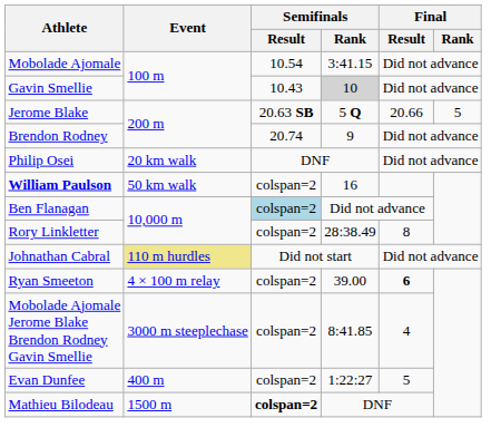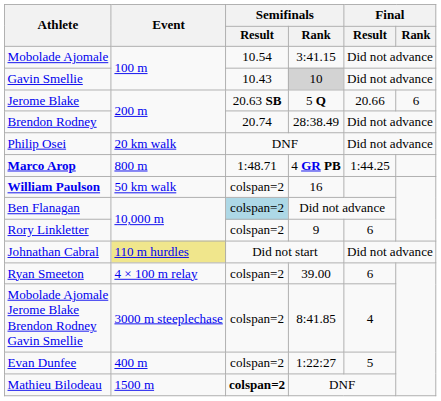 <table class=wikitable style="font-size:90%">
 <tr>
 <th rowspan="2">Athlete</th>
 <th rowspan="2">Event</th>
 <th colspan="2">Semifinals</th>
 <th colspan="2">Final</th>
 </tr>
 <tr style="font-size:95%">
 <th>Result</th>
 <th>Rank</th>
 <th>Result</th>
 <th>Rank</th>
 </tr>
 <tr align=center>
 <td align=left><a href='#'>Mobolade Ajomale</a></td>
 <td align=left rowspan="2"><a href='#'>100 m</a></td>
 <td>10.54</td>
 <td>3:41.15</td>
 <td colspan=2>Did not advance</td>
 </tr>
 <tr align=center>
 <td align=left><a href='#'>Gavin Smellie</a></td>
 <td>10.43</td>
 <td style="background: lightgrey;">10</td>
 <td colspan=2>Did not advance</td>
 </tr>
 <tr align=center>
 <td align=left><a href='#'>Jerome Blake</a></td>
 <td align=left rowspan="2"><a href='#'>200 m</a></td>
 <td>20.63 <strong>SB</strong></td>
 <td>5 <strong>Q</strong></td>
 <td>20.66</td>
-<td>5</td>
+<td>6</td>
 </tr>
 <tr align=center>
 <td align=left><a href='#'>Brendon Rodney</a></td>
 <td>20.74</td>
-<td>9</td>
+<td>28:38.49</td>
 <td colspan=2>Did not advance</td>
 </tr>
 <tr align=center>
 <td align=left><a href='#'>Philip Osei</a></td>
 <td align=left><a href='#'>20 km walk</a></td>
 <td colspan=2>DNF</td>
 <td colspan=2>Did not advance</td>
+</tr>
+<tr align=center>
+<td align=left><strong><a href='#'>Marco Arop</a></strong></td>
+<td align=left><a href='#'>800 m</a></td>
+<td>1:48.71</td>
+<td>4 <strong><a href='#'>GR</a></strong> <strong>PB</strong></td>
+<td>1:44.25</td>
+<td></td>
 </tr>
 <tr align=center>
 <td align=left><strong><a href='#'>William Paulson</a></strong></td>
 <td align=left><a href='#'>50 km walk</a></td>
 <td>colspan=2 </td>
 <td>16</td>
 <td></td>
 </tr>
 <tr align=center>
 <td align=left><a href='#'>Ben Flanagan</a></td>
 <td align=left rowspan="2"><a href='#'>10,000 m</a></td>
 <td style="background: lightblue;">colspan=2 </td>
 <td colspan=2>Did not advance</td>
 </tr>
 <tr align=center>
 <td align=left><a href='#'>Rory Linkletter</a></td>
 <td>colspan=2 </td>
-<td>28:38.49</td>
-<td>8</td>
+<td>9</td>
+<td>6</td>
 </tr>
 <tr align=center>
 <td align=left><a href='#'>Johnathan Cabral</a></td>
 <td align=left style="background: khaki;"><a href='#'>110 m hurdles</a></td>
 <td colspan=2>Did not start</td>
 <td colspan=2>Did not advance</td>
 </tr>
 <tr align=center>
 <td align=left><a href='#'>Ryan Smeeton</a></td>
 <td align=left><a href='#'>4 × 100 m relay</a></td>
 <td>colspan=2 </td>
 <td>39.00</td>
-<td><strong>6</strong></td>
+<td>6</td>
 </tr>
 <tr align=center>
 <td align=left><a href='#'>Mobolade Ajomale</a><br><a href='#'>Jerome Blake</a><br><a href='#'>Brendon Rodney</a><br><a href='#'>Gavin Smellie</a></td>
 <td align=left><a href='#'>3000 m steeplechase</a></td>
 <td>colspan=2 </td>
 <td>8:41.85</td>
 <td>4</td>
 </tr>
 <tr align=center>
 <td align=left><a href='#'>Evan Dunfee</a></td>
 <td align=left><a href='#'>400 m</a></td>
 <td>colspan=2 </td>
 <td>1:22:27</td>
 <td>5</td>
 </tr>
 <tr align=center>
 <td align=left><a href='#'>Mathieu Bilodeau</a></td>
 <td align=left><a href='#'>1500 m</a></td>
 <td><strong>colspan=2 </strong></td>
 <td colspan=2>DNF</td>
 </tr>
 </table>
